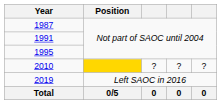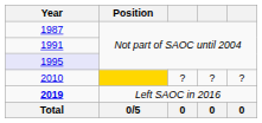 <table class="wikitable" style="text-align: center;font-size:90%;">
 <tr>
 <th width=125>Year</th>
 <th width=90>Position</th>
 <th width=35></th>
 <th width=35></th>
 <th width=35></th>
 </tr>
 <tr>
 <td> <a href='#'>1987</a></td>
 <td colspan="4" rowspan="3"><em>Not part of SAOC until 2004</em></td>
 </tr>
 <tr>
 <td> <a href='#'>1991</a></td>
 </tr>
 <tr>
-<td> <a href='#'>1995</a></td>
+<td style="background: lavender;"> <a href='#'>1995</a></td>
 </tr>
 <tr>
 <td> <a href='#'>2010</a></td>
 <td bgcolor=gold></td>
 <td>?</td>
 <td>?</td>
 <td>?</td>
 </tr>
 <tr>
-<td> <a href='#'>2019</a></td>
+<td><strong> <a href='#'>2019</a></strong></td>
 <td colspan="4" rowspan="1"><em>Left SAOC in 2016</em></td>
 </tr>
 <tr>
 <th>Total</th>
 <th>0/5</th>
 <th>0</th>
 <th>0</th>
 <th>0</th>
 </tr>
 </table>
